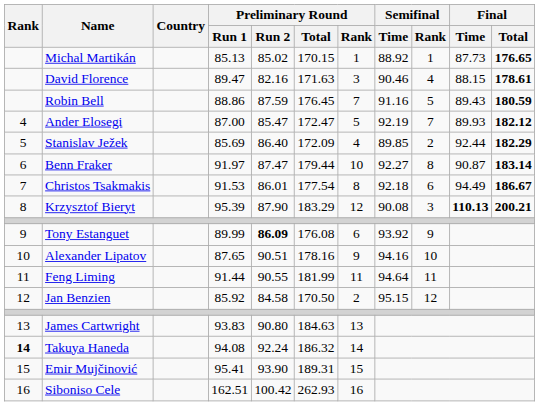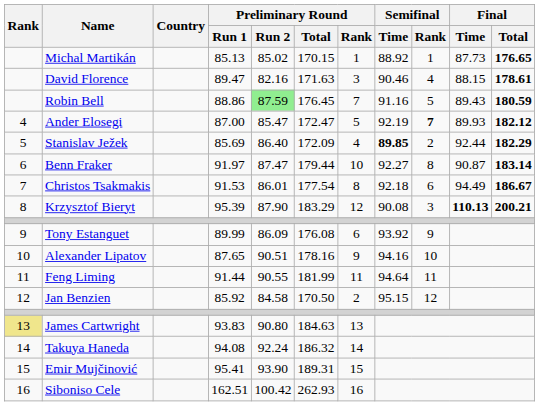 <table class="wikitable sortable" style="text-align:center">
 <tr>
 <th rowspan=2>Rank</th>
 <th rowspan=2>Name</th>
 <th rowspan=2>Country</th>
 <th colspan=4>Preliminary Round</th>
 <th colspan=2>Semifinal</th>
 <th colspan=2>Final</th>
 </tr>
 <tr>
 <th>Run 1</th>
 <th>Run 2</th>
 <th>Total</th>
 <th>Rank</th>
 <th>Time</th>
 <th>Rank</th>
 <th>Time</th>
 <th>Total</th>
 </tr>
 <tr>
 <td></td>
 <td align=left><a href='#'>Michal Martikán</a></td>
 <td></td>
 <td>85.13</td>
 <td>85.02</td>
 <td>170.15</td>
 <td>1</td>
 <td>88.92</td>
 <td>1</td>
 <td>87.73</td>
 <td><strong>176.65</strong></td>
 </tr>
 <tr>
 <td></td>
 <td align=left><a href='#'>David Florence</a></td>
 <td></td>
 <td>89.47</td>
 <td>82.16</td>
 <td>171.63</td>
 <td>3</td>
 <td>90.46</td>
 <td>4</td>
 <td>88.15</td>
 <td><strong>178.61</strong></td>
 </tr>
 <tr>
 <td></td>
 <td align=left><a href='#'>Robin Bell</a></td>
 <td></td>
 <td>88.86</td>
-<td>87.59</td>
+<td style="background: lightgreen;">87.59</td>
 <td>176.45</td>
 <td>7</td>
 <td>91.16</td>
 <td>5</td>
 <td>89.43</td>
 <td><strong>180.59</strong></td>
 </tr>
 <tr>
 <td>4</td>
 <td align=left><a href='#'>Ander Elosegi</a></td>
 <td></td>
 <td>87.00</td>
 <td>85.47</td>
 <td>172.47</td>
 <td>5</td>
 <td>92.19</td>
-<td>7</td>
+<td><strong>7</strong></td>
 <td>89.93</td>
 <td><strong>182.12</strong></td>
 </tr>
 <tr>
 <td>5</td>
 <td align=left><a href='#'>Stanislav Ježek</a></td>
 <td></td>
 <td>85.69</td>
 <td>86.40</td>
 <td>172.09</td>
 <td>4</td>
-<td>89.85</td>
+<td><strong>89.85</strong></td>
 <td>2</td>
 <td>92.44</td>
 <td><strong>182.29</strong></td>
 </tr>
 <tr>
 <td>6</td>
 <td align=left><a href='#'>Benn Fraker</a></td>
 <td></td>
 <td>91.97</td>
 <td>87.47</td>
 <td>179.44</td>
 <td>10</td>
 <td>92.27</td>
 <td>8</td>
 <td>90.87</td>
 <td><strong>183.14</strong></td>
 </tr>
 <tr>
 <td>7</td>
 <td align=left><a href='#'>Christos Tsakmakis</a></td>
 <td></td>
 <td>91.53</td>
 <td>86.01</td>
 <td>177.54</td>
 <td>8</td>
 <td>92.18</td>
 <td>6</td>
 <td>94.49</td>
 <td><strong>186.67</strong></td>
 </tr>
 <tr>
 <td>8</td>
 <td align=left><a href='#'>Krzysztof Bieryt</a></td>
 <td></td>
 <td>95.39</td>
 <td>87.90</td>
 <td>183.29</td>
 <td>12</td>
 <td>90.08</td>
 <td>3</td>
 <td><strong>110.13</strong></td>
 <td><strong>200.21 </strong></td>
 </tr>
 <tr bgcolor=lightgray>
 <td colspan=12></td>
 </tr>
 <tr>
 <td>9</td>
 <td align=left><a href='#'>Tony Estanguet</a></td>
 <td></td>
 <td>89.99</td>
-<td><strong>86.09</strong></td>
+<td>86.09</td>
 <td>176.08</td>
 <td>6</td>
 <td>93.92</td>
 <td>9</td>
 <td colspan="2"></td>
 </tr>
 <tr>
 <td>10</td>
 <td align=left><a href='#'>Alexander Lipatov</a></td>
 <td></td>
 <td>87.65</td>
 <td>90.51</td>
 <td>178.16</td>
 <td>9</td>
 <td>94.16</td>
 <td>10</td>
 <td colspan="2"></td>
 </tr>
 <tr>
 <td>11</td>
 <td align=left><a href='#'>Feng Liming</a></td>
 <td></td>
 <td>91.44</td>
 <td>90.55</td>
 <td>181.99</td>
 <td>11</td>
 <td>94.64</td>
 <td>11</td>
 <td colspan="2"></td>
 </tr>
 <tr>
 <td>12</td>
 <td align=left><a href='#'>Jan Benzien</a></td>
 <td></td>
 <td>85.92</td>
 <td>84.58</td>
 <td>170.50</td>
 <td>2</td>
 <td>95.15</td>
 <td>12</td>
 <td colspan="2"></td>
 </tr>
 <tr bgcolor=lightgray>
 <td colspan=12></td>
 </tr>
 <tr>
-<td>13</td>
+<td style="background: khaki;">13</td>
 <td align=left><a href='#'>James Cartwright</a></td>
 <td></td>
 <td>93.83</td>
 <td>90.80</td>
 <td>184.63</td>
 <td>13</td>
 <td colspan="4"></td>
 </tr>
 <tr>
-<td><strong>14</strong></td>
+<td>14</td>
 <td align=left><a href='#'>Takuya Haneda</a></td>
 <td></td>
 <td>94.08</td>
 <td>92.24</td>
 <td>186.32</td>
 <td>14</td>
 <td colspan="4"></td>
 </tr>
 <tr>
 <td>15</td>
 <td align=left><a href='#'>Emir Mujčinović</a></td>
 <td></td>
 <td>95.41</td>
 <td>93.90</td>
 <td>189.31</td>
 <td>15</td>
 <td colspan="4"></td>
 </tr>
 <tr>
 <td>16</td>
 <td align=left><a href='#'>Siboniso Cele</a></td>
 <td></td>
 <td>162.51</td>
 <td>100.42</td>
 <td>262.93</td>
 <td>16</td>
 <td colspan="4"></td>
 </tr>
 </table>
